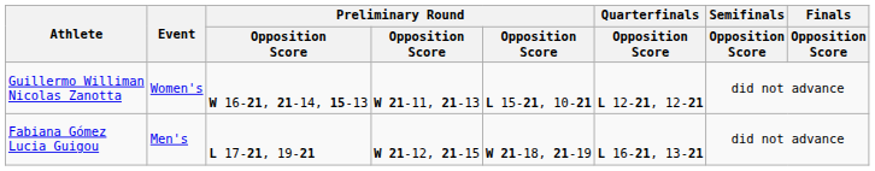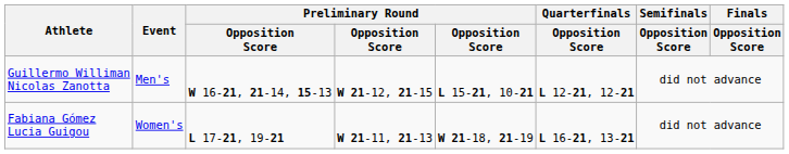 <table class="wikitable" border="1" style="font-size:90%">
 <tr>
 <th rowspan=2>Athlete</th>
 <th rowspan=2>Event</th>
 <th colspan=3>Preliminary Round</th>
 <th>Quarterfinals</th>
 <th>Semifinals</th>
 <th>Finals</th>
 </tr>
 <tr>
 <th>Opposition<br>Score</th>
 <th>Opposition<br>Score</th>
 <th>Opposition<br>Score</th>
 <th>Opposition<br>Score</th>
 <th>Opposition<br>Score</th>
 <th>Opposition<br>Score</th>
 </tr>
 <tr>
 <td><a href='#'>Guillermo Williman</a> <br> <a href='#'>Nicolas Zanotta</a></td>
-<td><a href='#'>Women's</a></td>
+<td><a href='#'>Men's</a></td>
 <td><br><br><strong>W</strong> 16-<strong>21</strong>, <strong>21</strong>-14, <strong>15</strong>-13</td>
-<td><br><br><strong>W</strong> <strong>21</strong>-11, <strong>21</strong>-13</td>
+<td><br><br><strong>W</strong> <strong>21</strong>-12, <strong>21</strong>-15</td>
 <td><br><br><strong>L</strong> 15-<strong>21</strong>, 10-<strong>21</strong></td>
 <td><br><br><strong>L</strong> 12-<strong>21</strong>, 12-<strong>21</strong></td>
 <td align="center" colspan="7">did not advance</td>
 </tr>
 <tr>
 <td><a href='#'>Fabiana Gómez</a> <br> <a href='#'>Lucia Guigou</a></td>
-<td><a href='#'>Men's</a></td>
+<td><a href='#'>Women's</a></td>
 <td><br><br><strong>L</strong> 17-<strong>21</strong>, 19-<strong>21</strong></td>
-<td><br><br><strong>W</strong> <strong>21</strong>-12, <strong>21</strong>-15</td>
+<td><br><br><strong>W</strong> <strong>21</strong>-11, <strong>21</strong>-13</td>
 <td><br><br><strong>W</strong> <strong>21</strong>-18, <strong>21</strong>-19</td>
 <td><br><br><strong>L</strong> 16-<strong>21</strong>, 13-<strong>21</strong></td>
 <td align="center" colspan="7">did not advance</td>
 </tr>
 </table>
